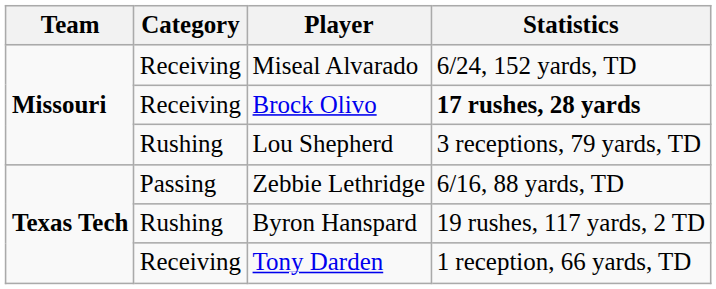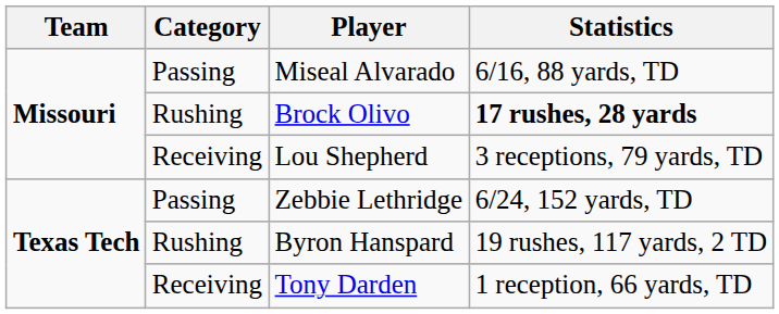 <table class="wikitable" style="float: right;">
 <tr>
 <th>Team</th>
 <th>Category</th>
 <th>Player</th>
 <th>Statistics</th>
 </tr>
 <tr>
 <td rowspan=3><strong>Missouri</strong></td>
-<td>Receiving</td>
+<td>Passing</td>
 <td>Miseal Alvarado</td>
-<td>6/24, 152 yards, TD</td>
+<td>6/16, 88 yards, TD</td>
 </tr>
 <tr>
-<td>Receiving</td>
+<td>Rushing</td>
 <td><a href='#'>Brock Olivo</a></td>
 <td><strong>17 rushes, 28 yards</strong></td>
 </tr>
 <tr>
-<td>Rushing</td>
+<td>Receiving</td>
 <td>Lou Shepherd</td>
 <td>3 receptions, 79 yards, TD</td>
 </tr>
 <tr>
 <td rowspan=3><strong>Texas Tech</strong></td>
 <td>Passing</td>
 <td>Zebbie Lethridge</td>
-<td>6/16, 88 yards, TD</td>
+<td>6/24, 152 yards, TD</td>
 </tr>
 <tr>
 <td>Rushing</td>
 <td>Byron Hanspard</td>
 <td>19 rushes, 117 yards, 2 TD</td>
 </tr>
 <tr>
 <td>Receiving</td>
 <td><a href='#'>Tony Darden</a></td>
 <td>1 reception, 66 yards, TD</td>
 </tr>
 </table>
